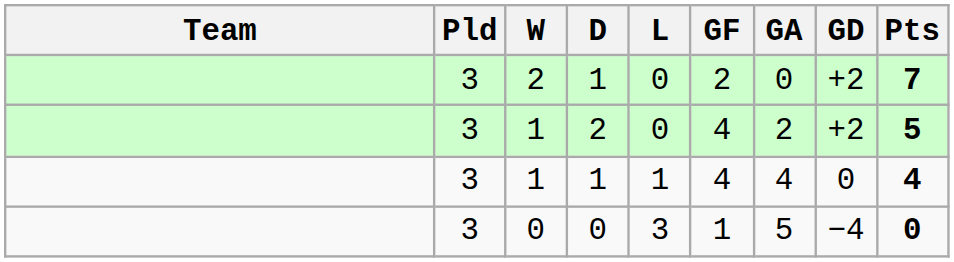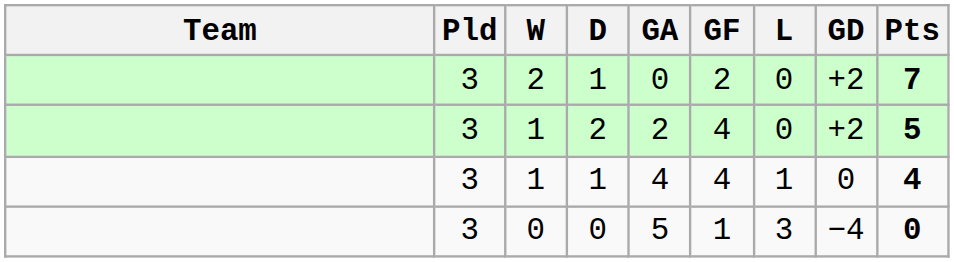 <table class="wikitable" style="text-align: center;">
 <tr>
 <th width="175">Team</th>
 <th width="20">Pld</th>
 <th width="20">W</th>
 <th width="20">D</th>
+<th width="20">GA</th>
+<th width="20">GF</th>
 <th width="20">L</th>
-<th width="20">GF</th>
-<th width="20">GA</th>
 <th width="20">GD</th>
 <th width="20">Pts</th>
 </tr>
 <tr bgcolor=#ccffcc>
 <td align=left></td>
 <td>3</td>
 <td>2</td>
 <td>1</td>
 <td>0</td>
 <td>2</td>
 <td>0</td>
 <td>+2</td>
 <td><strong>7</strong></td>
 </tr>
 <tr bgcolor=#ccffcc>
 <td align=left></td>
 <td>3</td>
 <td>1</td>
 <td>2</td>
+<td>2</td>
+<td>4</td>
 <td>0</td>
-<td>4</td>
-<td>2</td>
 <td>+2</td>
 <td><strong>5</strong></td>
 </tr>
 <tr>
 <td align=left></td>
 <td>3</td>
 <td>1</td>
 <td>1</td>
-<td>1</td>
 <td>4</td>
 <td>4</td>
+<td>1</td>
 <td>0</td>
 <td><strong>4</strong></td>
 </tr>
 <tr>
 <td align=left></td>
 <td>3</td>
 <td>0</td>
 <td>0</td>
+<td>5</td>
+<td>1</td>
 <td>3</td>
-<td>1</td>
-<td>5</td>
 <td>−4</td>
 <td><strong>0</strong></td>
 </tr>
 </table>
